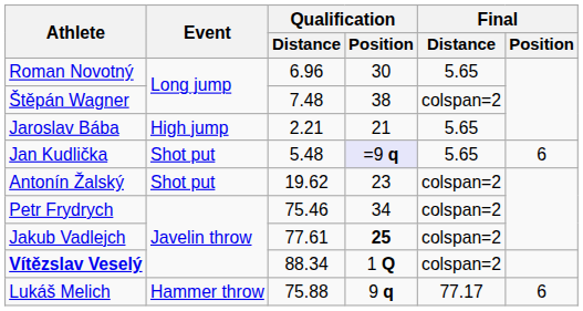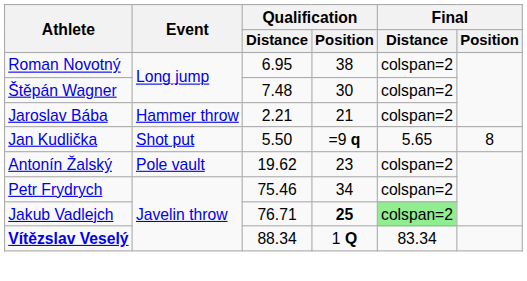 <table class=wikitable style="font-size:90%">
 <tr>
 <th rowspan="2">Athlete</th>
 <th rowspan="2">Event</th>
 <th colspan="2">Qualification</th>
 <th colspan="2">Final</th>
 </tr>
 <tr style="font-size:95%">
 <th>Distance</th>
 <th>Position</th>
 <th>Distance</th>
 <th>Position</th>
 </tr>
 <tr align=center>
 <td align=left><a href='#'>Roman Novotný</a></td>
 <td rowspan=2 align=left><a href='#'>Long jump</a></td>
-<td>6.96</td>
-<td>30</td>
-<td>5.65</td>
+<td>6.95</td>
+<td>38</td>
+<td>colspan=2 </td>
 </tr>
 <tr align=center>
 <td align=left><a href='#'>Štěpán Wagner</a></td>
 <td>7.48</td>
-<td>38</td>
+<td>30</td>
 <td>colspan=2 </td>
 </tr>
 <tr align=center>
 <td align=left><a href='#'>Jaroslav Bába</a></td>
-<td align=left><a href='#'>High jump</a></td>
+<td align=left><a href='#'>Hammer throw</a></td>
 <td>2.21</td>
 <td>21</td>
-<td>5.65</td>
+<td>colspan=2 </td>
 </tr>
 <tr align=center>
 <td align=left><a href='#'>Jan Kudlička</a></td>
 <td align=left><a href='#'>Shot put</a></td>
-<td>5.48</td>
-<td style="background: lavender;">=9 <strong>q</strong></td>
+<td>5.50</td>
+<td>=9 <strong>q</strong></td>
 <td>5.65</td>
-<td>6</td>
+<td>8</td>
 </tr>
 <tr align=center>
 <td align=left><a href='#'>Antonín Žalský</a></td>
-<td align=left><a href='#'>Shot put</a></td>
+<td align=left><a href='#'>Pole vault</a></td>
 <td>19.62</td>
 <td>23</td>
 <td>colspan=2 </td>
 </tr>
 <tr align=center>
 <td align=left><a href='#'>Petr Frydrych</a></td>
 <td rowspan=3 align=left><a href='#'>Javelin throw</a></td>
 <td>75.46</td>
 <td>34</td>
 <td>colspan=2 </td>
 </tr>
 <tr align=center>
 <td align=left><a href='#'>Jakub Vadlejch</a></td>
-<td>77.61</td>
+<td>76.71</td>
 <td><strong>25</strong></td>
-<td>colspan=2 </td>
+<td style="background: lightgreen;">colspan=2 </td>
 </tr>
 <tr align=center>
 <td align=left><strong><a href='#'>Vítězslav Veselý</a></strong></td>
 <td>88.34</td>
 <td>1 <strong>Q</strong></td>
-<td>colspan=2 </td>
+<td>83.34</td>
 <td></td>
 </tr>
-<tr align=center>
-<td align=left><a href='#'>Lukáš Melich</a></td>
-<td align=left><a href='#'>Hammer throw</a></td>
-<td>75.88</td>
-<td>9 <strong>q</strong></td>
-<td>77.17</td>
-<td>6</td>
-</tr>
 </table>
